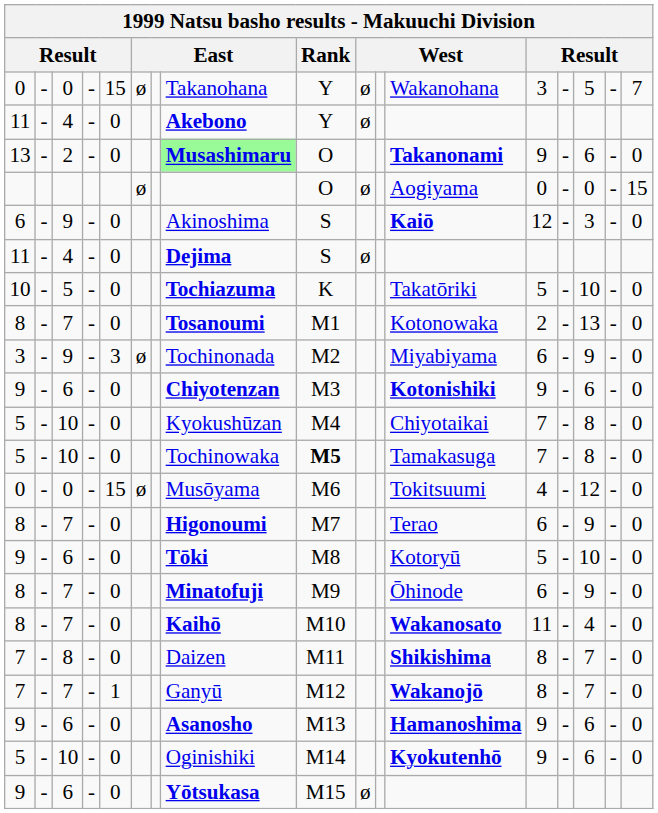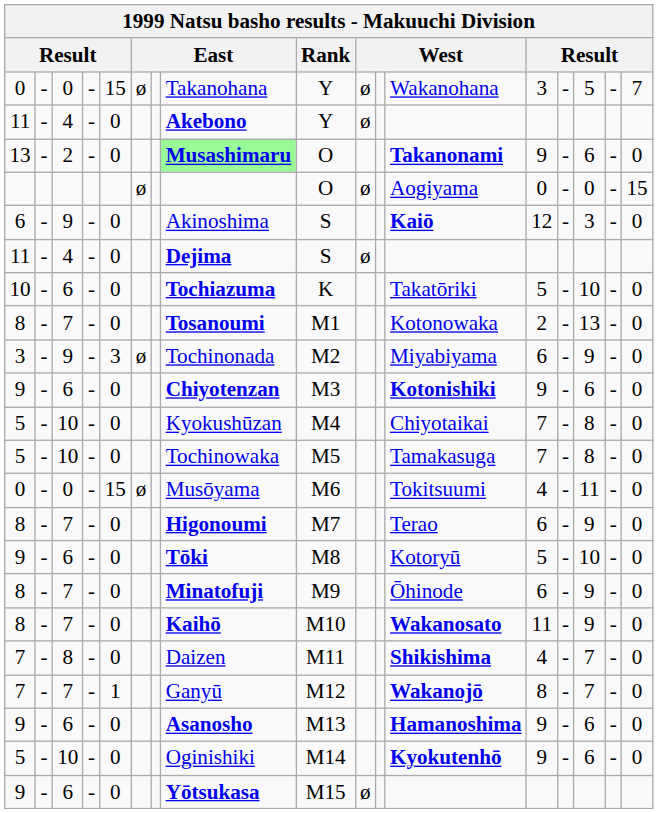 <table class="wikitable">
 <tr>
 <th colspan="17">1999 Natsu basho results - Makuuchi Division</th>
 </tr>
 <tr>
 <th colspan="5">Result</th>
 <th colspan="3">East</th>
 <th>Rank</th>
 <th colspan="3">West</th>
 <th colspan="5">Result</th>
 </tr>
 <tr>
 <td align=center>0</td>
 <td align=center>-</td>
 <td align=center>0</td>
 <td align=center>-</td>
 <td align=center>15</td>
 <td align=center>ø</td>
 <td align=center></td>
 <td><a href='#'>Takanohana</a></td>
 <td align=center>Y</td>
 <td align=center>ø</td>
 <td align=center></td>
 <td><a href='#'>Wakanohana</a></td>
 <td align=center>3</td>
 <td align=center>-</td>
 <td align=center>5</td>
 <td align=center>-</td>
 <td align=center>7</td>
 </tr>
 <tr>
 <td align=center>11</td>
 <td align=center>-</td>
 <td align=center>4</td>
 <td align=center>-</td>
 <td align=center>0</td>
 <td align=center></td>
 <td align=center></td>
 <td><strong><a href='#'>Akebono</a></strong></td>
 <td align=center>Y</td>
 <td align=center>ø</td>
 <td align=center></td>
 <td></td>
 <td align=center></td>
 <td align=center></td>
 <td align=center></td>
 <td align=center></td>
 <td align=center></td>
 </tr>
 <tr>
 <td align=center>13</td>
 <td align=center>-</td>
 <td align=center>2</td>
 <td align=center>-</td>
 <td align=center>0</td>
 <td align=center></td>
 <td align=center></td>
 <td style="background: PaleGreen;"><strong><a href='#'>Musashimaru</a></strong></td>
 <td align=center>O</td>
 <td align=center></td>
 <td align=center></td>
 <td><strong><a href='#'>Takanonami</a></strong></td>
 <td align=center>9</td>
 <td align=center>-</td>
 <td align=center>6</td>
 <td align=center>-</td>
 <td align=center>0</td>
 </tr>
 <tr>
 <td align=center></td>
 <td align=center></td>
 <td align=center></td>
 <td align=center></td>
 <td align=center></td>
 <td align=center>ø</td>
 <td align=center></td>
 <td></td>
 <td align=center>O</td>
 <td align=center>ø</td>
 <td align=center></td>
 <td><a href='#'>Aogiyama</a></td>
 <td align=center>0</td>
 <td align=center>-</td>
 <td align=center>0</td>
 <td align=center>-</td>
 <td align=center>15</td>
 </tr>
 <tr>
 <td align=center>6</td>
 <td align=center>-</td>
 <td align=center>9</td>
 <td align=center>-</td>
 <td align=center>0</td>
 <td align=center></td>
 <td align=center></td>
 <td><a href='#'>Akinoshima</a></td>
 <td align=center>S</td>
 <td align=center></td>
 <td align=center></td>
 <td><strong><a href='#'>Kaiō</a></strong></td>
 <td align=center>12</td>
 <td align=center>-</td>
 <td align=center>3</td>
 <td align=center>-</td>
 <td align=center>0</td>
 </tr>
 <tr>
 <td align=center>11</td>
 <td align=center>-</td>
 <td align=center>4</td>
 <td align=center>-</td>
 <td align=center>0</td>
 <td align=center></td>
 <td align=center></td>
 <td><strong><a href='#'>Dejima</a></strong></td>
 <td align=center>S</td>
 <td align=center>ø</td>
 <td align=center></td>
 <td></td>
 <td align=center></td>
 <td align=center></td>
 <td align=center></td>
 <td align=center></td>
 <td align=center></td>
 </tr>
 <tr>
 <td align=center>10</td>
 <td align=center>-</td>
-<td align=center>5</td>
+<td align=center>6</td>
 <td align=center>-</td>
 <td align=center>0</td>
 <td align=center></td>
 <td align=center></td>
 <td><strong><a href='#'>Tochiazuma</a></strong></td>
 <td align=center>K</td>
 <td align=center></td>
 <td align=center></td>
 <td><a href='#'>Takatōriki</a></td>
 <td align=center>5</td>
 <td align=center>-</td>
 <td align=center>10</td>
 <td align=center>-</td>
 <td align=center>0</td>
 </tr>
 <tr>
 <td align=center>8</td>
 <td align=center>-</td>
 <td align=center>7</td>
 <td align=center>-</td>
 <td align=center>0</td>
 <td align=center></td>
 <td align=center></td>
 <td><strong><a href='#'>Tosanoumi</a></strong></td>
 <td align=center>M1</td>
 <td align=center></td>
 <td align=center></td>
 <td><a href='#'>Kotonowaka</a></td>
 <td align=center>2</td>
 <td align=center>-</td>
 <td align=center>13</td>
 <td align=center>-</td>
 <td align=center>0</td>
 </tr>
 <tr>
 <td align=center>3</td>
 <td align=center>-</td>
 <td align=center>9</td>
 <td align=center>-</td>
 <td align=center>3</td>
 <td align=center>ø</td>
 <td align=center></td>
 <td><a href='#'>Tochinonada</a></td>
 <td align=center>M2</td>
 <td align=center></td>
 <td align=center></td>
 <td><a href='#'>Miyabiyama</a></td>
 <td align=center>6</td>
 <td align=center>-</td>
 <td align=center>9</td>
 <td align=center>-</td>
 <td align=center>0</td>
 </tr>
 <tr>
 <td align=center>9</td>
 <td align=center>-</td>
 <td align=center>6</td>
 <td align=center>-</td>
 <td align=center>0</td>
 <td align=center></td>
 <td align=center></td>
 <td><strong><a href='#'>Chiyotenzan</a></strong></td>
 <td align=center>M3</td>
 <td align=center></td>
 <td align=center></td>
 <td><strong><a href='#'>Kotonishiki</a></strong></td>
 <td align=center>9</td>
 <td align=center>-</td>
 <td align=center>6</td>
 <td align=center>-</td>
 <td align=center>0</td>
 </tr>
 <tr>
 <td align=center>5</td>
 <td align=center>-</td>
 <td align=center>10</td>
 <td align=center>-</td>
 <td align=center>0</td>
 <td align=center></td>
 <td align=center></td>
 <td><a href='#'>Kyokushūzan</a></td>
 <td align=center>M4</td>
 <td align=center></td>
 <td align=center></td>
 <td><a href='#'>Chiyotaikai</a></td>
 <td align=center>7</td>
 <td align=center>-</td>
 <td align=center>8</td>
 <td align=center>-</td>
 <td align=center>0</td>
 </tr>
 <tr>
 <td align=center>5</td>
 <td align=center>-</td>
 <td align=center>10</td>
 <td align=center>-</td>
 <td align=center>0</td>
 <td align=center></td>
 <td align=center></td>
 <td><a href='#'>Tochinowaka</a></td>
-<td align=center><strong>M5</strong></td>
+<td align=center>M5</td>
 <td align=center></td>
 <td align=center></td>
 <td><a href='#'>Tamakasuga</a></td>
 <td align=center>7</td>
 <td align=center>-</td>
 <td align=center>8</td>
 <td align=center>-</td>
 <td align=center>0</td>
 </tr>
 <tr>
 <td align=center>0</td>
 <td align=center>-</td>
 <td align=center>0</td>
 <td align=center>-</td>
 <td align=center>15</td>
 <td align=center>ø</td>
 <td align=center></td>
 <td><a href='#'>Musōyama</a></td>
 <td align=center>M6</td>
 <td align=center></td>
 <td align=center></td>
 <td><a href='#'>Tokitsuumi</a></td>
 <td align=center>4</td>
 <td align=center>-</td>
-<td align=center>12</td>
+<td align=center>11</td>
 <td align=center>-</td>
 <td align=center>0</td>
 </tr>
 <tr>
 <td align=center>8</td>
 <td align=center>-</td>
 <td align=center>7</td>
 <td align=center>-</td>
 <td align=center>0</td>
 <td align=center></td>
 <td align=center></td>
 <td><strong><a href='#'>Higonoumi</a></strong></td>
 <td align=center>M7</td>
 <td align=center></td>
 <td align=center></td>
 <td><a href='#'>Terao</a></td>
 <td align=center>6</td>
 <td align=center>-</td>
 <td align=center>9</td>
 <td align=center>-</td>
 <td align=center>0</td>
 </tr>
 <tr>
 <td align=center>9</td>
 <td align=center>-</td>
 <td align=center>6</td>
 <td align=center>-</td>
 <td align=center>0</td>
 <td align=center></td>
 <td align=center></td>
 <td><strong><a href='#'>Tōki</a></strong></td>
 <td align=center>M8</td>
 <td align=center></td>
 <td align=center></td>
 <td><a href='#'>Kotoryū</a></td>
 <td align=center>5</td>
 <td align=center>-</td>
 <td align=center>10</td>
 <td align=center>-</td>
 <td align=center>0</td>
 </tr>
 <tr>
 <td align=center>8</td>
 <td align=center>-</td>
 <td align=center>7</td>
 <td align=center>-</td>
 <td align=center>0</td>
 <td align=center></td>
 <td align=center></td>
 <td><strong><a href='#'>Minatofuji</a></strong></td>
 <td align=center>M9</td>
 <td align=center></td>
 <td align=center></td>
 <td><a href='#'>Ōhinode</a></td>
 <td align=center>6</td>
 <td align=center>-</td>
 <td align=center>9</td>
 <td align=center>-</td>
 <td align=center>0</td>
 </tr>
 <tr>
 <td align=center>8</td>
 <td align=center>-</td>
 <td align=center>7</td>
 <td align=center>-</td>
 <td align=center>0</td>
 <td align=center></td>
 <td align=center></td>
 <td><strong><a href='#'>Kaihō</a></strong></td>
 <td align=center>M10</td>
 <td align=center></td>
 <td align=center></td>
 <td><strong><a href='#'>Wakanosato</a></strong></td>
 <td align=center>11</td>
 <td align=center>-</td>
-<td align=center>4</td>
+<td align=center>9</td>
 <td align=center>-</td>
 <td align=center>0</td>
 </tr>
 <tr>
 <td align=center>7</td>
 <td align=center>-</td>
 <td align=center>8</td>
 <td align=center>-</td>
 <td align=center>0</td>
 <td align=center></td>
 <td align=center></td>
 <td><a href='#'>Daizen</a></td>
 <td align=center>M11</td>
 <td align=center></td>
 <td align=center></td>
 <td><strong><a href='#'>Shikishima</a></strong></td>
-<td align=center>8</td>
+<td align=center>4</td>
 <td align=center>-</td>
 <td align=center>7</td>
 <td align=center>-</td>
 <td align=center>0</td>
 </tr>
 <tr>
 <td align=center>7</td>
 <td align=center>-</td>
 <td align=center>7</td>
 <td align=center>-</td>
 <td align=center>1</td>
 <td align=center></td>
 <td align=center></td>
 <td><a href='#'>Ganyū</a></td>
 <td align=center>M12</td>
 <td align=center></td>
 <td align=center></td>
 <td><strong><a href='#'>Wakanojō</a></strong></td>
 <td align=center>8</td>
 <td align=center>-</td>
 <td align=center>7</td>
 <td align=center>-</td>
 <td align=center>0</td>
 </tr>
 <tr>
 <td align=center>9</td>
 <td align=center>-</td>
 <td align=center>6</td>
 <td align=center>-</td>
 <td align=center>0</td>
 <td align=center></td>
 <td align=center></td>
 <td><strong><a href='#'>Asanosho</a></strong></td>
 <td align=center>M13</td>
 <td align=center></td>
 <td align=center></td>
 <td><strong><a href='#'>Hamanoshima</a></strong></td>
 <td align=center>9</td>
 <td align=center>-</td>
 <td align=center>6</td>
 <td align=center>-</td>
 <td align=center>0</td>
 </tr>
 <tr>
 <td align=center>5</td>
 <td align=center>-</td>
 <td align=center>10</td>
 <td align=center>-</td>
 <td align=center>0</td>
 <td align=center></td>
 <td align=center></td>
 <td><a href='#'>Oginishiki</a></td>
 <td align=center>M14</td>
 <td align=center></td>
 <td align=center></td>
 <td><strong><a href='#'>Kyokutenhō</a></strong></td>
 <td align=center>9</td>
 <td align=center>-</td>
 <td align=center>6</td>
 <td align=center>-</td>
 <td align=center>0</td>
 </tr>
 <tr>
 <td align=center>9</td>
 <td align=center>-</td>
 <td align=center>6</td>
 <td align=center>-</td>
 <td align=center>0</td>
 <td align=center></td>
 <td align=center></td>
 <td><strong><a href='#'>Yōtsukasa</a></strong></td>
 <td align=center>M15</td>
 <td align=center>ø</td>
 <td align=center></td>
 <td></td>
 <td align=center></td>
 <td align=center></td>
 <td align=center></td>
 <td align=center></td>
 <td align=center></td>
 </tr>
 </table>
